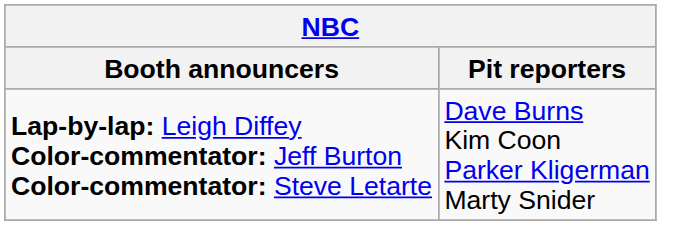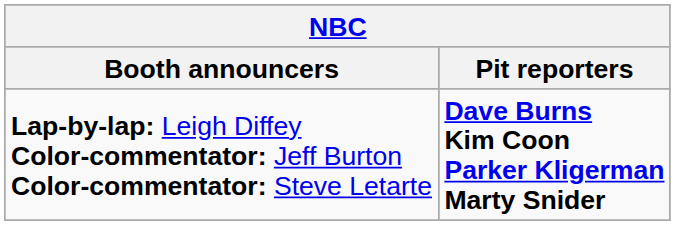 <table class="wikitable" style="font-size: 95%">
 <tr>
 <th colspan="2"><a href='#'>NBC</a></th>
 </tr>
 <tr>
 <th>Booth announcers</th>
 <th>Pit reporters</th>
 </tr>
 <tr>
 <td><strong>Lap-by-lap:</strong> <a href='#'>Leigh Diffey</a><br><strong>Color-commentator:</strong> <a href='#'>Jeff Burton</a><br><strong>Color-commentator:</strong> <a href='#'>Steve Letarte</a></td>
-<td><a href='#'>Dave Burns</a><br>Kim Coon<br><a href='#'>Parker Kligerman</a><br>Marty Snider</td>
+<td><strong><a href='#'>Dave Burns</a><br>Kim Coon<br><a href='#'>Parker Kligerman</a><br>Marty Snider</strong></td>
 </tr>
 </table>
